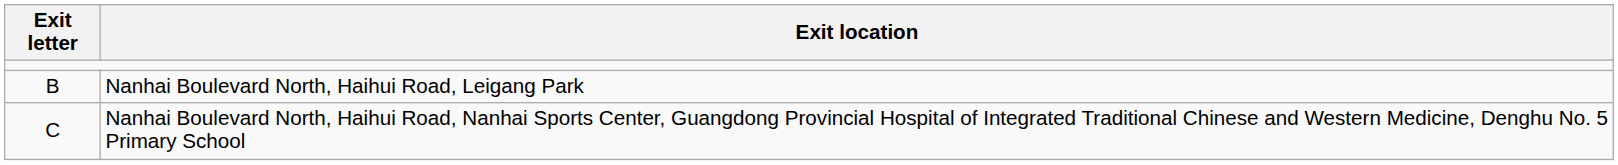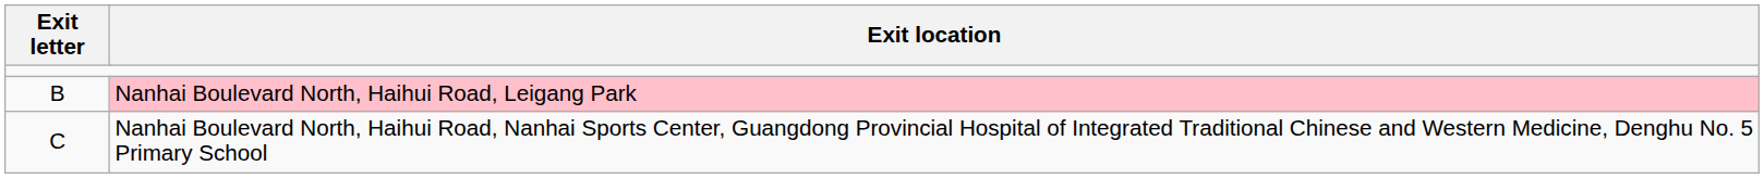 <table class="wikitable">
 <tr>
 <th style="width:70px" colspan=2>Exit letter</th>
 <th>Exit location</th>
 </tr>
 <tr style="background:#">
 <td colspan="4"></td>
 </tr>
 <tr>
 <td align=center colspan=2>B</td>
-<td>Nanhai Boulevard North, Haihui Road, Leigang Park</td>
+<td style="background: pink;">Nanhai Boulevard North, Haihui Road, Leigang Park</td>
 </tr>
 <tr>
 <td align=center colspan=2>C</td>
 <td>Nanhai Boulevard North, Haihui Road, Nanhai Sports Center, Guangdong Provincial Hospital of Integrated Traditional Chinese and Western Medicine, Denghu No. 5 Primary School</td>
 </tr>
 </table>
